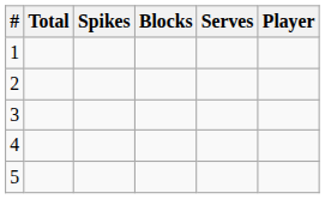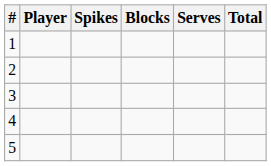 <table class="wikitable sortable" style="text-align:right; display:inline-table; font-size:90%">
 <tr>
 <th>#</th>
-<th>Total</th>
+<th>Player</th>
 <th>Spikes</th>
 <th>Blocks</th>
 <th>Serves</th>
-<th>Player</th>
+<th>Total</th>
 </tr>
 <tr>
 <td align=center>1</td>
+<td></td>
 <td align=center></td>
 <td align=center></td>
 <td align=center></td>
 <td align=center></td>
-<td></td>
 </tr>
 <tr>
 <td align=center>2</td>
+<td></td>
 <td align=center></td>
 <td align=center></td>
 <td align=center></td>
 <td align=center></td>
-<td></td>
 </tr>
 <tr>
 <td align=center>3</td>
+<td></td>
 <td align=center></td>
 <td align=center></td>
 <td align=center></td>
 <td align=center></td>
-<td></td>
 </tr>
 <tr>
 <td align=center>4</td>
+<td></td>
 <td align=center></td>
 <td align=center></td>
 <td align=center></td>
 <td align=center></td>
-<td></td>
 </tr>
 <tr>
 <td align=center>5</td>
+<td></td>
 <td align=center></td>
 <td align=center></td>
 <td align=center></td>
 <td align=center></td>
-<td></td>
 </tr>
 </table>
